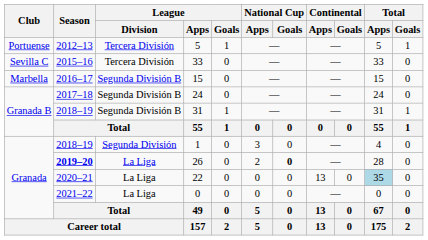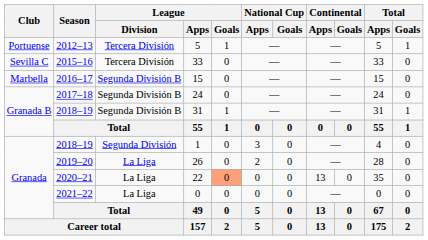 <table class="wikitable" style="text-align:center">
 <tr>
 <th rowspan="2">Club</th>
 <th rowspan="2">Season</th>
 <th colspan="3">League</th>
 <th colspan="2">National Cup</th>
 <th colspan="2">Continental</th>
 <th colspan="2">Total</th>
 </tr>
 <tr>
 <th>Division</th>
 <th>Apps</th>
 <th>Goals</th>
 <th>Apps</th>
 <th>Goals</th>
 <th>Apps</th>
 <th>Goals</th>
 <th>Apps</th>
 <th>Goals</th>
 </tr>
 <tr>
 <td><a href='#'>Portuense</a></td>
 <td><a href='#'>2012–13</a></td>
 <td><a href='#'>Tercera División</a></td>
 <td>5</td>
 <td>1</td>
 <td colspan="2">—</td>
 <td colspan="2">—</td>
 <td>5</td>
 <td>1</td>
 </tr>
 <tr>
 <td><a href='#'>Sevilla C</a></td>
 <td><a href='#'>2015–16</a></td>
 <td>Tercera División</td>
 <td>33</td>
 <td>0</td>
 <td colspan="2">—</td>
 <td colspan="2">—</td>
 <td>33</td>
 <td>0</td>
 </tr>
 <tr>
 <td><a href='#'>Marbella</a></td>
 <td><a href='#'>2016–17</a></td>
 <td><a href='#'>Segunda División B</a></td>
 <td>15</td>
 <td>0</td>
 <td colspan="2">—</td>
 <td colspan="2">—</td>
 <td>15</td>
 <td>0</td>
 </tr>
 <tr>
 <td rowspan="3"><a href='#'>Granada B</a></td>
 <td><a href='#'>2017–18</a></td>
 <td>Segunda División B</td>
 <td>24</td>
 <td>0</td>
 <td colspan="2">—</td>
 <td colspan="2">—</td>
 <td>24</td>
 <td>0</td>
 </tr>
 <tr>
 <td><a href='#'>2018–19</a></td>
 <td>Segunda División B</td>
 <td>31</td>
 <td>1</td>
 <td colspan="2">—</td>
 <td colspan="2">—</td>
 <td>31</td>
 <td>1</td>
 </tr>
 <tr>
 <th colspan="2">Total</th>
 <th>55</th>
 <th>1</th>
 <th>0</th>
 <th>0</th>
 <th>0</th>
 <th>0</th>
 <th>55</th>
 <th>1</th>
 </tr>
 <tr>
 <td rowspan="5"><a href='#'>Granada</a></td>
 <td><a href='#'>2018–19</a></td>
 <td><a href='#'>Segunda División</a></td>
 <td>1</td>
 <td>0</td>
 <td>3</td>
 <td>0</td>
 <td colspan="2">—</td>
 <td>4</td>
 <td>0</td>
 </tr>
 <tr>
-<td><strong><a href='#'>2019–20</a></strong></td>
+<td><a href='#'>2019–20</a></td>
 <td><a href='#'>La Liga</a></td>
 <td>26</td>
 <td>0</td>
 <td>2</td>
-<td><strong>0</strong></td>
+<td>0</td>
 <td colspan="2">—</td>
 <td>28</td>
 <td>0</td>
 </tr>
 <tr>
 <td><a href='#'>2020–21</a></td>
 <td>La Liga</td>
 <td>22</td>
-<td>0</td>
+<td style="background: lightsalmon;">0</td>
 <td>0</td>
 <td>0</td>
 <td>13</td>
 <td>0</td>
-<td style="background: lightblue;">35</td>
+<td>35</td>
 <td>0</td>
 </tr>
 <tr>
 <td><a href='#'>2021–22</a></td>
 <td>La Liga</td>
 <td>0</td>
 <td>0</td>
 <td>0</td>
 <td>0</td>
 <td colspan="2">—</td>
 <td>0</td>
 <td>0</td>
 </tr>
 <tr>
 <th colspan="2">Total</th>
 <th>49</th>
 <th>0</th>
 <th>5</th>
 <th>0</th>
 <th>13</th>
 <th>0</th>
 <th>67</th>
 <th>0</th>
 </tr>
 <tr>
 <th colspan="3">Career total</th>
 <th>157</th>
 <th>2</th>
 <th>5</th>
 <th>0</th>
 <th>13</th>
 <th>0</th>
 <th>175</th>
 <th>2</th>
 </tr>
 </table>
